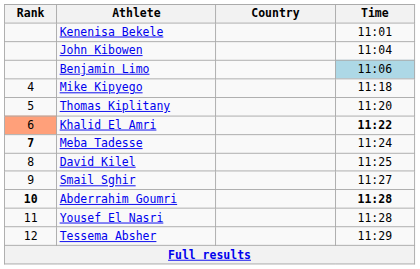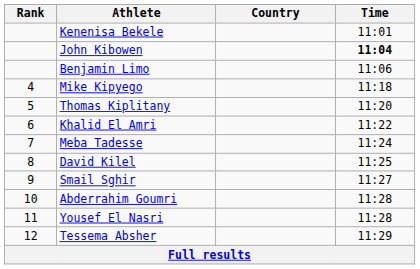 <table class="wikitable sortable" style=" text-align:center; font-size:95%;" width="50%">
 <tr>
 </tr>
 <tr>
 <th width=5%>Rank</th>
 <th width=20%>Athlete</th>
 <th width=15%>Country</th>
 <th width=10%>Time</th>
 </tr>
 <tr>
 <td align=center></td>
 <td align=left><a href='#'>Kenenisa Bekele</a></td>
 <td align=left></td>
 <td>11:01</td>
 </tr>
 <tr>
 <td align=center></td>
 <td align=left><a href='#'>John Kibowen</a></td>
 <td align=left></td>
-<td>11:04</td>
+<td><strong>11:04</strong></td>
 </tr>
 <tr>
 <td align=center></td>
 <td align=left><a href='#'>Benjamin Limo</a></td>
 <td align=left></td>
-<td style="background: lightblue;">11:06</td>
+<td>11:06</td>
 </tr>
 <tr>
 <td align=center>4</td>
 <td align=left><a href='#'>Mike Kipyego</a></td>
 <td align=left></td>
 <td>11:18</td>
 </tr>
 <tr>
 <td align=center>5</td>
 <td align=left><a href='#'>Thomas Kiplitany</a></td>
 <td align=left></td>
 <td>11:20</td>
 </tr>
 <tr>
-<td align=center style="background: lightsalmon;">6</td>
+<td align=center>6</td>
 <td align=left><a href='#'>Khalid El Amri</a></td>
 <td align=left></td>
-<td><strong>11:22</strong></td>
+<td>11:22</td>
 </tr>
 <tr>
-<td align=center><strong>7</strong></td>
+<td align=center>7</td>
 <td align=left><a href='#'>Meba Tadesse</a></td>
 <td align=left></td>
 <td>11:24</td>
 </tr>
 <tr>
 <td align=center>8</td>
 <td align=left><a href='#'>David Kilel</a></td>
 <td align=left></td>
 <td>11:25</td>
 </tr>
 <tr>
 <td align=center>9</td>
 <td align=left><a href='#'>Smail Sghir</a></td>
 <td align=left></td>
 <td>11:27</td>
 </tr>
 <tr>
-<td align=center><strong>10</strong></td>
+<td align=center>10</td>
 <td align=left><a href='#'>Abderrahim Goumri</a></td>
 <td align=left></td>
-<td><strong>11:28</strong></td>
+<td>11:28</td>
 </tr>
 <tr>
 <td align=center>11</td>
 <td align=left><a href='#'>Yousef El Nasri</a></td>
 <td align=left></td>
 <td>11:28</td>
 </tr>
 <tr>
 <td align=center>12</td>
 <td align=left><a href='#'>Tessema Absher</a></td>
 <td align=left></td>
 <td>11:29</td>
 </tr>
 <tr class="sortbottom">
 <th colspan=4 align=center><a href='#'>Full results</a></th>
 </tr>
 </table>
